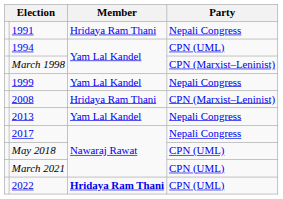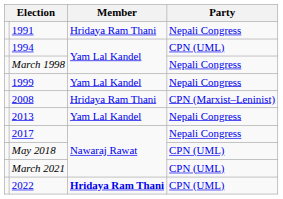 <table class="wikitable">
 <tr>
 <th colspan="2">Election</th>
 <th>Member</th>
 <th>Party</th>
 </tr>
 <tr>
 <td style="color:inherit;background:"></td>
 <td><a href='#'>1991</a></td>
 <td><a href='#'>Hridaya Ram Thani</a></td>
 <td><a href='#'>Nepali Congress</a></td>
 </tr>
 <tr>
 <td style="color:inherit;background:"></td>
 <td><a href='#'>1994</a></td>
 <td rowspan="2"><a href='#'>Yam Lal Kandel</a></td>
 <td><a href='#'>CPN (UML)</a></td>
 </tr>
 <tr>
 <td style="color:inherit;background:"></td>
 <td><em>March 1998</em></td>
-<td><a href='#'>CPN (Marxist–Leninist)</a></td>
+<td><a href='#'>Nepali Congress</a></td>
 </tr>
 <tr>
 <td style="color:inherit;background:"></td>
 <td><a href='#'>1999</a></td>
 <td><a href='#'>Yam Lal Kandel</a></td>
 <td><a href='#'>Nepali Congress</a></td>
 </tr>
 <tr>
 <td style="color:inherit;background:"></td>
 <td><a href='#'>2008</a></td>
 <td><a href='#'>Hridaya Ram Thani</a></td>
 <td><a href='#'>CPN (Marxist–Leninist)</a></td>
 </tr>
 <tr>
 <td style="color:inherit;background:"></td>
 <td><a href='#'>2013</a></td>
 <td><a href='#'>Yam Lal Kandel</a></td>
 <td><a href='#'>Nepali Congress</a></td>
 </tr>
 <tr>
 <td style="color:inherit;background:"></td>
 <td><a href='#'>2017</a></td>
 <td rowspan="3"><a href='#'>Nawaraj Rawat</a></td>
 <td><a href='#'>Nepali Congress</a></td>
 </tr>
 <tr>
 <td style="color:inherit;background:"></td>
 <td><em>May 2018</em></td>
 <td><a href='#'>CPN (UML)</a></td>
 </tr>
 <tr>
 <td style="color:inherit;background:"></td>
 <td><em>March 2021</em></td>
 <td><a href='#'>CPN (UML)</a></td>
 </tr>
 <tr>
 <td style="color:inherit;background:"></td>
 <td><a href='#'>2022</a></td>
 <td><strong><a href='#'>Hridaya Ram Thani</a></strong></td>
 <td><a href='#'>CPN (UML)</a></td>
 </tr>
 </table>
